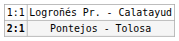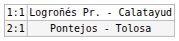 <table class="wikitable">
 <tr align=center bgcolor=white>
 <td>1:1</td>
 <td>Logroñés Pr. - Calatayud</td>
 </tr>
 <tr align=center bgcolor=#F5F5F5>
-<td><strong>2:1</strong></td>
+<td>2:1</td>
 <td>Pontejos - Tolosa</td>
 </tr>
 </table>
